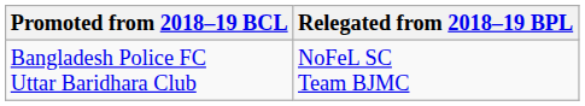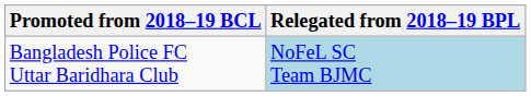 <table class="wikitable">
 <tr>
 <th>Promoted from <a href='#'>2018–19 BCL</a></th>
 <th>Relegated from <a href='#'>2018–19 BPL</a></th>
 </tr>
 <tr>
 <td><a href='#'>Bangladesh Police FC</a><br><a href='#'>Uttar Baridhara Club</a></td>
-<td><a href='#'>NoFeL SC</a><br><a href='#'>Team BJMC</a></td>
+<td style="background: lightblue;"><a href='#'>NoFeL SC</a><br><a href='#'>Team BJMC</a></td>
 </tr>
 </table>
